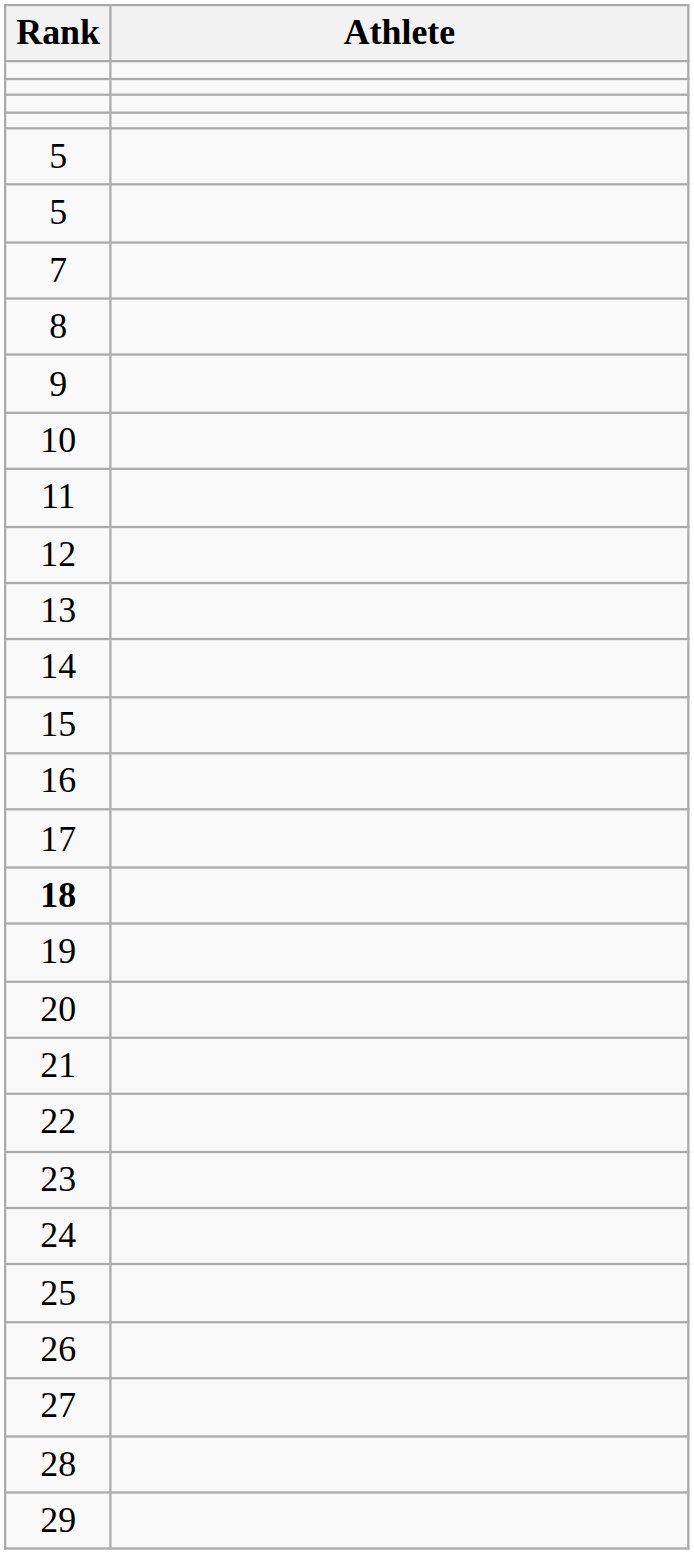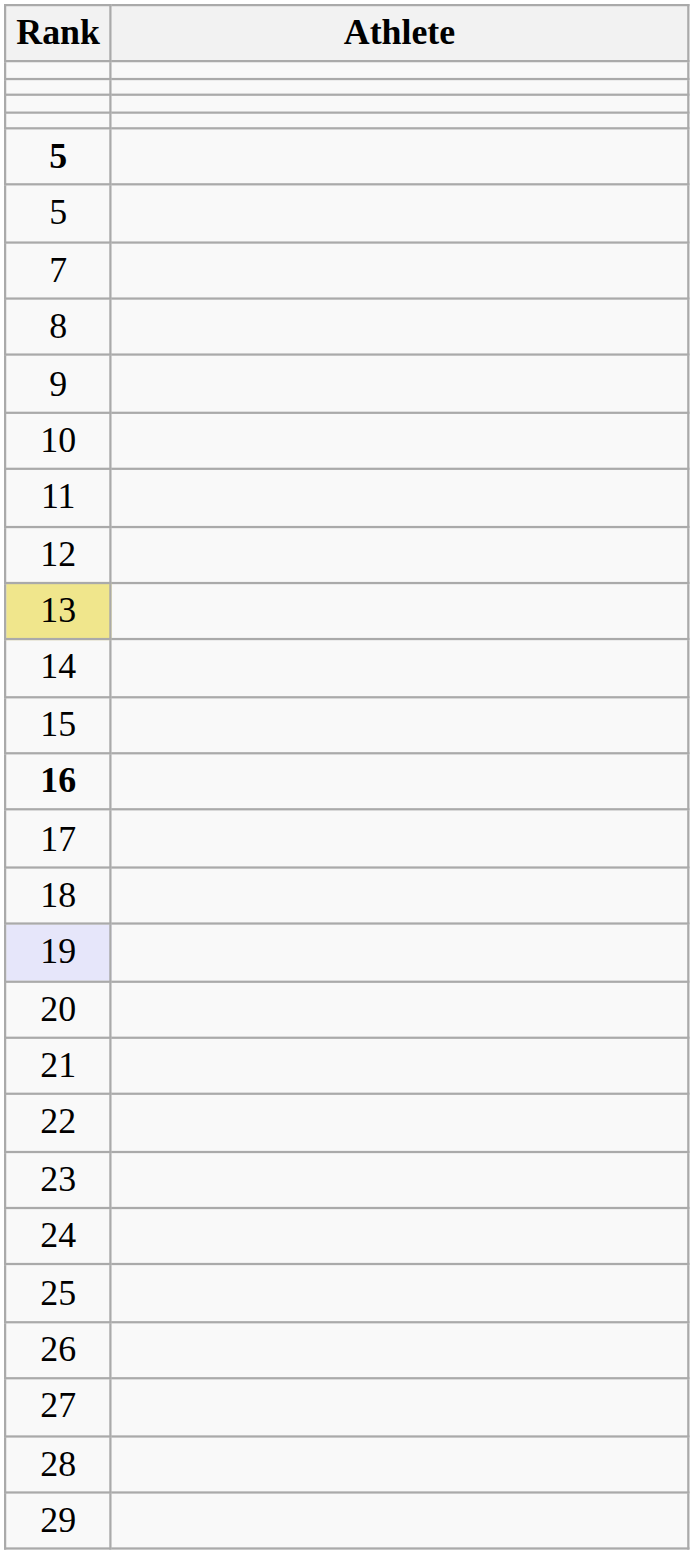 <table class="wikitable" style="text-align: center;">
 <tr>
 <th width=40>Rank</th>
 <th width=250>Athlete</th>
 </tr>
 <tr>
 <td></td>
 <td align="left"></td>
 </tr>
 <tr>
 <td></td>
 <td align="left"></td>
 </tr>
 <tr>
 <td></td>
 <td align="left"></td>
 </tr>
 <tr>
 <td></td>
 <td align="left"></td>
 </tr>
 <tr>
-<td>5</td>
+<td><strong>5</strong></td>
 <td align="left"></td>
 </tr>
 <tr>
 <td>5</td>
 <td align="left"></td>
 </tr>
 <tr>
 <td>7</td>
 <td align="left"></td>
 </tr>
 <tr>
 <td>8</td>
 <td align="left"></td>
 </tr>
 <tr>
 <td>9</td>
 <td align="left"></td>
 </tr>
 <tr>
 <td>10</td>
 <td align="left"></td>
 </tr>
 <tr>
 <td>11</td>
 <td align="left"></td>
 </tr>
 <tr>
 <td>12</td>
 <td align="left"></td>
 </tr>
 <tr>
-<td>13</td>
+<td style="background: khaki;">13</td>
 <td align="left"></td>
 </tr>
 <tr>
 <td>14</td>
 <td align="left"></td>
 </tr>
 <tr>
 <td>15</td>
 <td align="left"></td>
 </tr>
 <tr>
-<td>16</td>
+<td><strong>16</strong></td>
 <td align="left"></td>
 </tr>
 <tr>
 <td>17</td>
 <td align="left"></td>
 </tr>
 <tr>
-<td><strong>18</strong></td>
+<td>18</td>
 <td align="left"></td>
 </tr>
 <tr>
-<td>19</td>
+<td style="background: lavender;">19</td>
 <td align="left"></td>
 </tr>
 <tr>
 <td>20</td>
 <td align="left"></td>
 </tr>
 <tr>
 <td>21</td>
 <td align="left"></td>
 </tr>
 <tr>
 <td>22</td>
 <td align="left"></td>
 </tr>
 <tr>
 <td>23</td>
 <td align="left"></td>
 </tr>
 <tr>
 <td>24</td>
 <td align="left"></td>
 </tr>
 <tr>
 <td>25</td>
 <td align="left"></td>
 </tr>
 <tr>
 <td>26</td>
 <td align="left"></td>
 </tr>
 <tr>
 <td>27</td>
 <td align="left"></td>
 </tr>
 <tr>
 <td>28</td>
 <td align="left"></td>
 </tr>
 <tr>
 <td>29</td>
 <td align="left"></td>
 </tr>
 </table>
